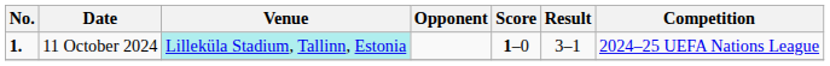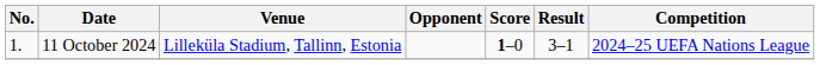 <table class="wikitable">
 <tr>
 <th>No.</th>
 <th>Date</th>
 <th>Venue</th>
 <th>Opponent</th>
 <th>Score</th>
 <th>Result</th>
 <th>Competition</th>
 </tr>
 <tr>
-<td><strong>1.</strong></td>
+<td>1.</td>
 <td>11 October 2024</td>
-<td style="background: paleturquoise;"><a href='#'>Lilleküla Stadium</a>, <a href='#'>Tallinn</a>, <a href='#'>Estonia</a></td>
+<td><a href='#'>Lilleküla Stadium</a>, <a href='#'>Tallinn</a>, <a href='#'>Estonia</a></td>
 <td></td>
 <td align=center><strong>1</strong>–0</td>
 <td align=center>3–1</td>
 <td><a href='#'>2024–25 UEFA Nations League</a></td>
 </tr>
 <tr>
 </tr>
 </table>
